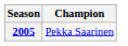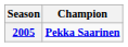 <table class="wikitable" style="font-size:85%;">
 <tr>
 <th>Season</th>
 <th>Champion</th>
 </tr>
 <tr>
 <th><a href='#'>2005</a></th>
-<td> <a href='#'>Pekka Saarinen</a></td>
+<td><strong> <a href='#'>Pekka Saarinen</a></strong></td>
 </tr>
 </table>
